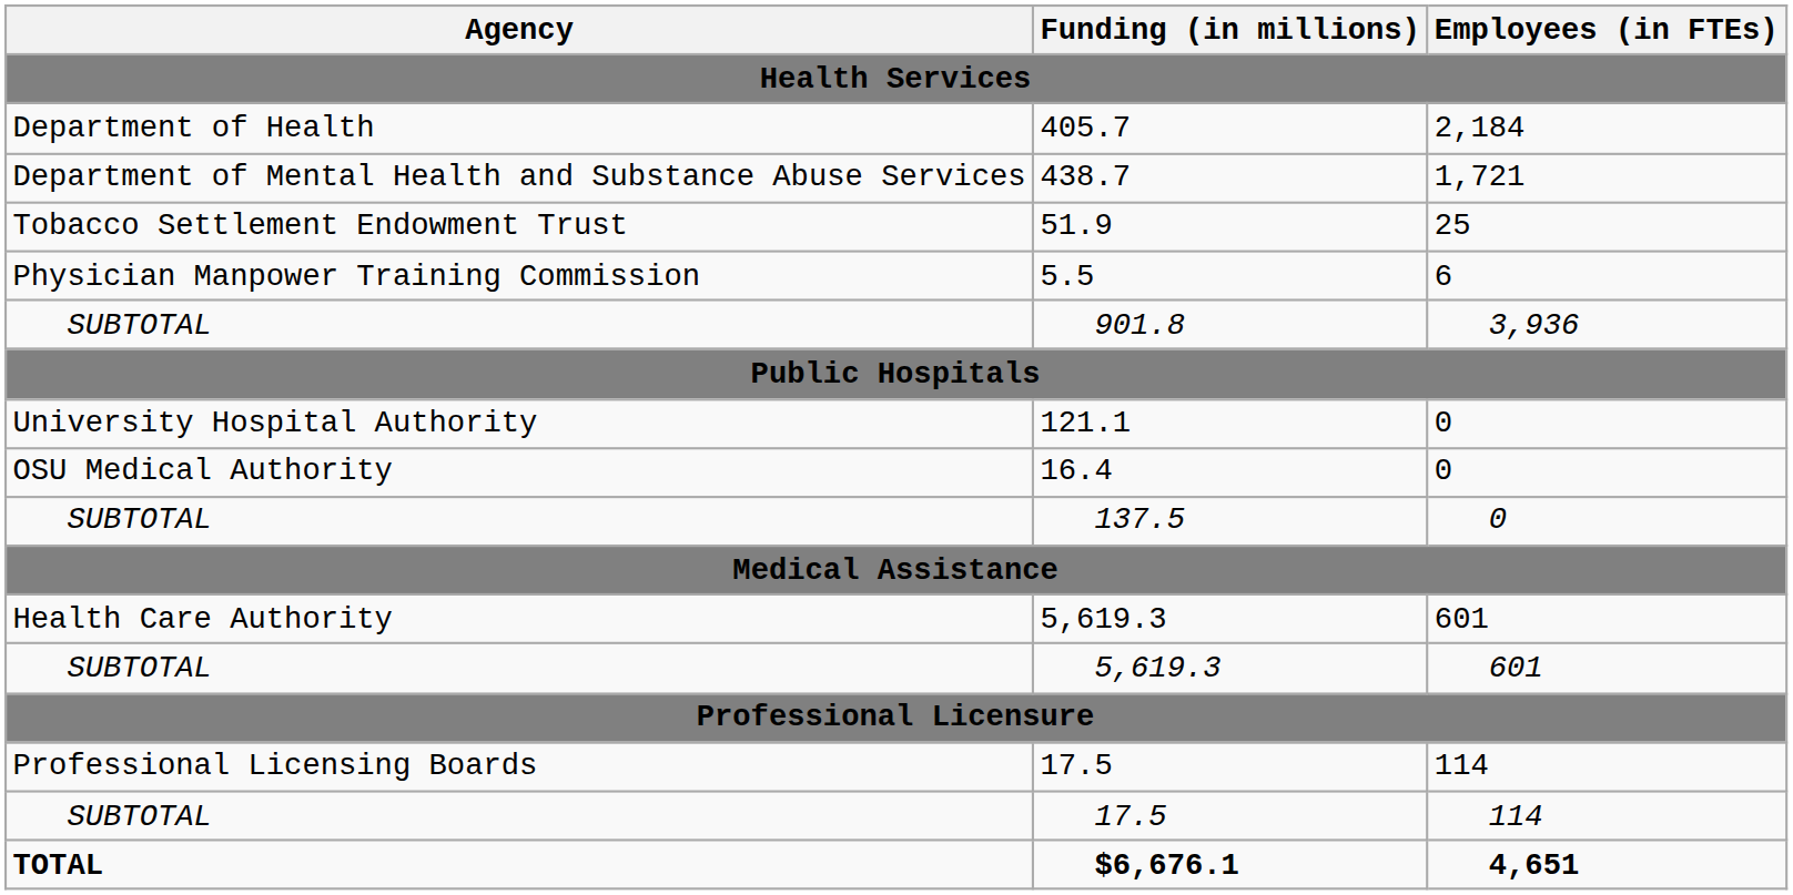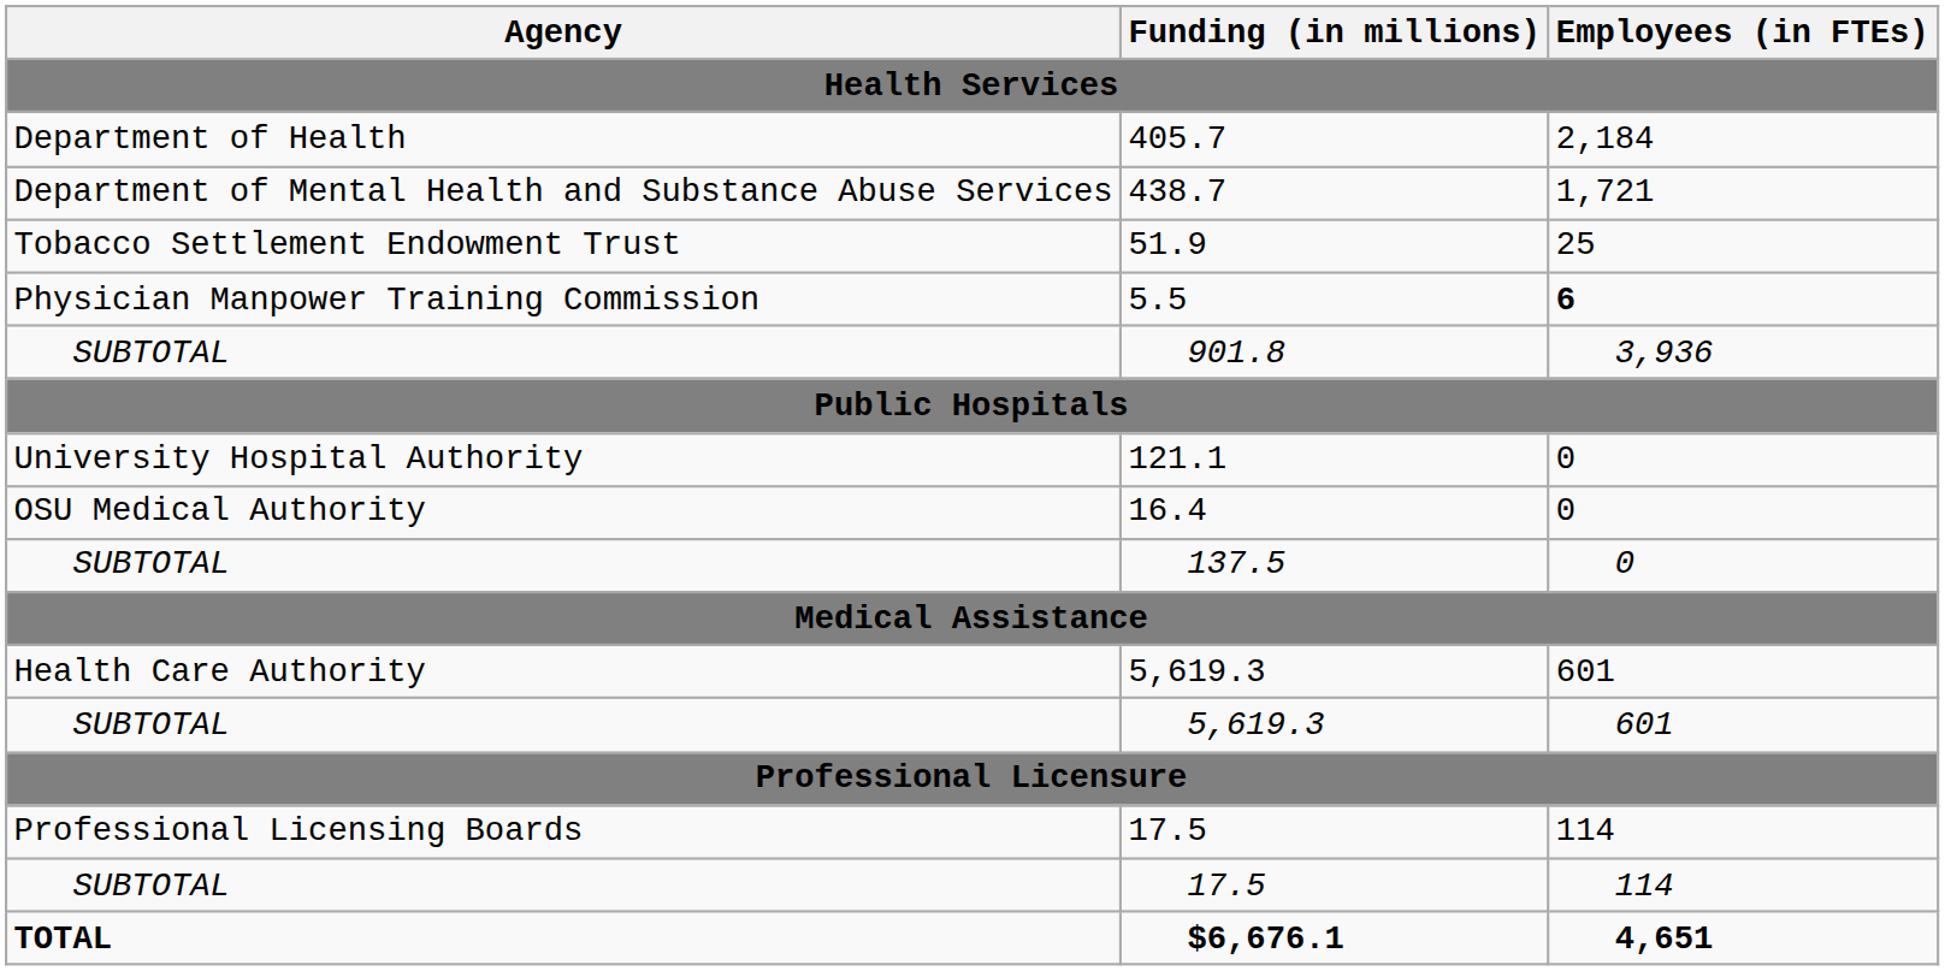 <table class="wikitable">
 <tr>
 <th>Agency</th>
 <th>Funding (in millions)</th>
 <th>Employees (in FTEs)</th>
 </tr>
 <tr>
 <td colspan="3"  style="text-align:center; background:grey;"><strong>Health Services</strong></td>
 </tr>
 <tr>
 <td>Department of Health</td>
 <td>405.7</td>
 <td>2,184</td>
 </tr>
 <tr>
 <td>Department of Mental Health and Substance Abuse Services</td>
 <td>438.7</td>
 <td>1,721</td>
 </tr>
 <tr>
 <td>Tobacco Settlement Endowment Trust</td>
 <td>51.9</td>
 <td>25</td>
 </tr>
 <tr>
 <td>Physician Manpower Training Commission</td>
 <td>5.5</td>
-<td>6</td>
+<td><strong>6</strong></td>
 </tr>
 <tr>
 <td style="padding-left: 2em;"><em>SUBTOTAL</em></td>
 <td style="padding-left: 2em;"><em>901.8</em></td>
 <td style="padding-left: 2em;"><em>3,936</em></td>
 </tr>
 <tr>
 <td colspan="3"  style="text-align:center; background:grey;"><strong>Public Hospitals</strong></td>
 </tr>
 <tr>
 <td>University Hospital Authority</td>
 <td>121.1</td>
 <td>0</td>
 </tr>
 <tr>
 <td>OSU Medical Authority</td>
 <td>16.4</td>
 <td>0</td>
 </tr>
 <tr>
 <td style="padding-left: 2em;"><em>SUBTOTAL</em></td>
 <td style="padding-left: 2em;"><em>137.5</em></td>
 <td style="padding-left: 2em;"><em>0</em></td>
 </tr>
 <tr>
 <td colspan="3"  style="text-align:center; background:grey;"><strong>Medical Assistance</strong></td>
 </tr>
 <tr>
 <td>Health Care Authority</td>
 <td>5,619.3</td>
 <td>601</td>
 </tr>
 <tr>
 <td style="padding-left: 2em;"><em>SUBTOTAL</em></td>
 <td style="padding-left: 2em;"><em>5,619.3</em></td>
 <td style="padding-left: 2em;"><em>601</em></td>
 </tr>
 <tr>
 <td colspan="3"  style="text-align:center; background:grey;"><strong>Professional Licensure</strong></td>
 </tr>
 <tr>
 <td>Professional Licensing Boards</td>
 <td>17.5</td>
 <td>114</td>
 </tr>
 <tr>
 <td style="padding-left: 2em;"><em>SUBTOTAL</em></td>
 <td style="padding-left: 2em;"><em>17.5</em></td>
 <td style="padding-left: 2em;"><em>114</em></td>
 </tr>
 <tr>
 <td><strong>TOTAL</strong></td>
 <td style="padding-left: 2em;"><strong>$6,676.1</strong></td>
 <td style="padding-left: 2em;"><strong>4,651</strong></td>
 </tr>
 </table>
